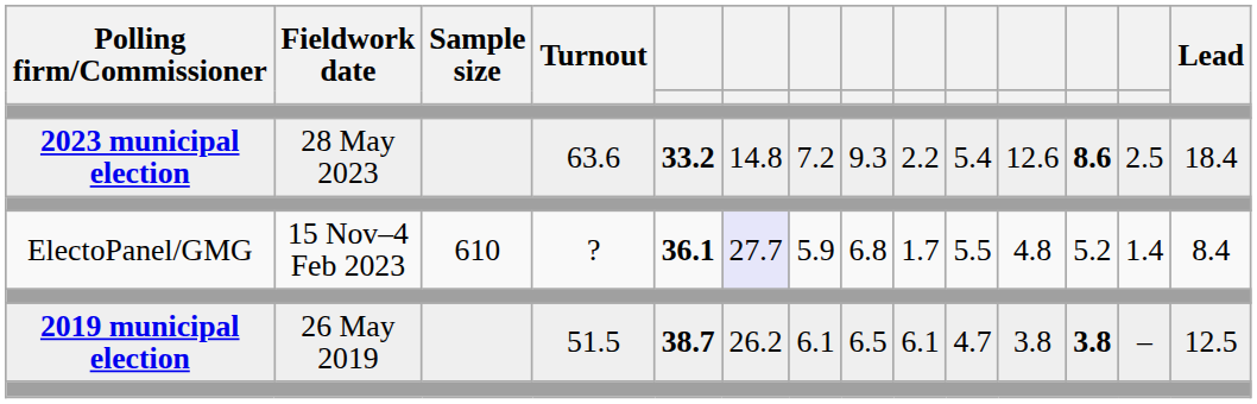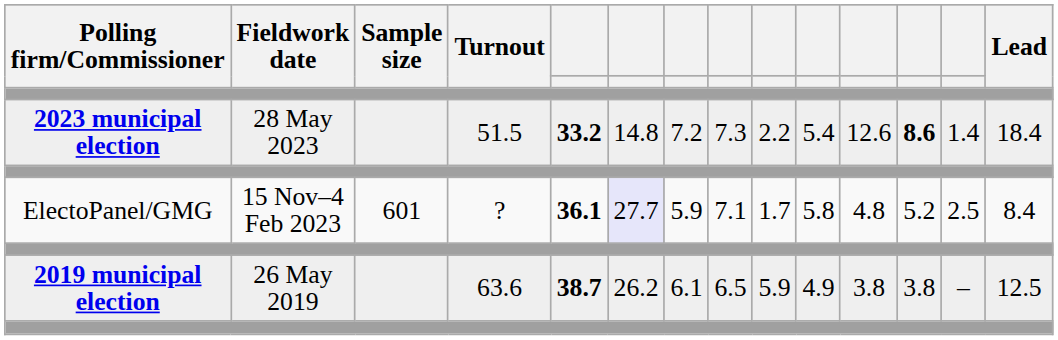 <table class="wikitable collapsible collapsed" style="text-align:center; font-size:95%; line-height:16px;">
 <tr style="height:42px;">
 <th style="width:250px;" rowspan="2">Polling firm/Commissioner</th>
 <th style="width:125px;" rowspan="2">Fieldwork date</th>
 <th style="width:50px;" rowspan="2">Sample size</th>
 <th style="width:45px;" rowspan="2">Turnout</th>
 <th style="width:35px;"></th>
 <th style="width:35px;"></th>
 <th style="width:35px;"></th>
 <th style="width:35px;"><br></th>
 <th style="width:35px;"></th>
 <th style="width:35px;"></th>
 <th style="width:35px;"></th>
 <th style="width:35px;"></th>
 <th style="width:35px;"></th>
 <th style="width:30px;" rowspan="2">Lead</th>
 </tr>
 <tr>
 <th style="color:inherit;background:"></th>
 <th style="color:inherit;background:"></th>
 <th style="color:inherit;background:"></th>
 <th style="color:inherit;background:"></th>
 <th style="color:inherit;background:"></th>
 <th style="color:inherit;background:"></th>
 <th style="color:inherit;background:"></th>
 <th style="color:inherit;background:"></th>
 <th style="color:inherit;background:"></th>
 </tr>
 <tr>
 <td colspan="14" style="background:#A0A0A0"></td>
 </tr>
 <tr style="background:#EFEFEF;">
 <td><strong><a href='#'>2023 municipal election</a></strong></td>
 <td>28 May 2023</td>
 <td></td>
-<td>63.6</td>
+<td>51.5</td>
 <td><strong>33.2</strong><br></td>
 <td>14.8<br></td>
 <td>7.2<br></td>
-<td>9.3<br></td>
+<td>7.3<br></td>
 <td>2.2<br></td>
 <td>5.4<br></td>
 <td>12.6<br></td>
 <td><strong>8.6<br></strong></td>
-<td>2.5<br></td>
+<td>1.4<br></td>
 <td style="background:">18.4</td>
 </tr>
 <tr>
 <td colspan="14" style="background:#A0A0A0"></td>
 </tr>
 <tr>
 <td>ElectoPanel/GMG</td>
 <td>15 Nov–4 Feb 2023</td>
-<td>610</td>
+<td>601</td>
 <td>?</td>
 <td><strong>36.1</strong><br></td>
 <td style="background: lavender;">27.7<br></td>
 <td>5.9<br></td>
-<td>6.8<br></td>
+<td>7.1<br></td>
 <td>1.7<br></td>
-<td>5.5<br></td>
+<td>5.8<br></td>
 <td>4.8<br></td>
 <td>5.2<br></td>
-<td>1.4<br></td>
+<td>2.5<br></td>
 <td style="background:">8.4</td>
 </tr>
 <tr>
 <td colspan="14" style="background:#A0A0A0"></td>
 </tr>
 <tr style="background:#EFEFEF;">
 <td><strong><a href='#'>2019 municipal election</a></strong></td>
 <td>26 May 2019</td>
 <td></td>
-<td>51.5</td>
+<td>63.6</td>
 <td><strong>38.7</strong><br></td>
 <td>26.2<br></td>
 <td>6.1<br></td>
 <td>6.5<br></td>
-<td>6.1<br></td>
-<td>4.7<br></td>
+<td>5.9<br></td>
+<td>4.9<br></td>
 <td>3.8<br></td>
-<td><strong>3.8<br></strong></td>
+<td>3.8<br></td>
 <td>–</td>
 <td style="background:">12.5</td>
 </tr>
 <tr>
 <td colspan="14" style="background:#A0A0A0"></td>
 </tr>
 </table>
